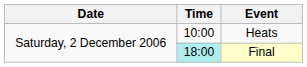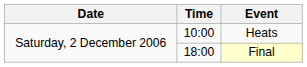 <table class = "wikitable" style="text-align:center;">
 <tr>
 <th width=220>Date</th>
 <th width=50>Time</th>
 <th width=100>Event</th>
 </tr>
 <tr>
 <td rowspan=2>Saturday, 2 December 2006</td>
 <td>10:00</td>
 <td>Heats</td>
 </tr>
 <tr>
-<td style="background: paleturquoise;">18:00</td>
+<td>18:00</td>
 <td bgcolor=ffffcc>Final</td>
 </tr>
 </table>
